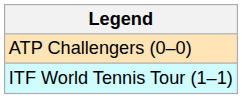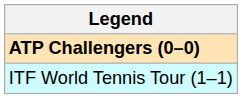 <table class=wikitable style=font-size:97%>
 <tr>
 <th>Legend</th>
 </tr>
 <tr style="background:moccasin;">
-<td>ATP Challengers (0–0)</td>
+<td><strong>ATP Challengers (0–0)</strong></td>
 </tr>
 <tr style="background:#cffcff;">
 <td>ITF World Tennis Tour (1–1)</td>
 </tr>
 </table>
